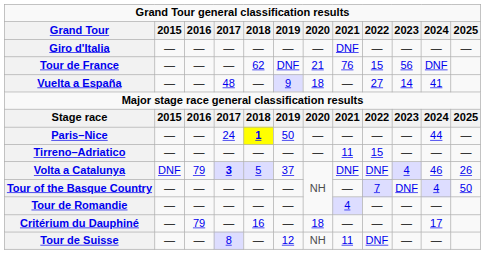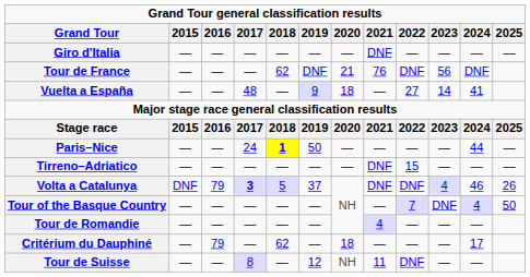 <table class="wikitable plainrowheaders">
 <tr>
 <td colspan=12 align="center"><strong>Grand Tour general classification results</strong></td>
 </tr>
 <tr>
 <th scope="col"><a href='#'>Grand Tour</a></th>
 <th scope="col">2015</th>
 <th scope="col">2016</th>
 <th scope="col">2017</th>
 <th scope="col">2018</th>
 <th scope="col">2019</th>
 <th scope="col">2020</th>
 <th scope="col">2021</th>
 <th scope="col">2022</th>
 <th scope="col">2023</th>
 <th scope="col">2024</th>
 <th scope="col">2025</th>
 </tr>
 <tr style="text-align:center;">
 <th scope="row"> <a href='#'>Giro d'Italia</a></th>
 <td>—</td>
 <td>—</td>
 <td>—</td>
 <td>—</td>
 <td>—</td>
 <td>—</td>
 <td><a href='#'>DNF</a></td>
 <td>—</td>
 <td>—</td>
 <td>—</td>
 <td>—</td>
 </tr>
 <tr style="text-align:center;">
 <th scope="row"> <a href='#'>Tour de France</a></th>
 <td>—</td>
 <td>—</td>
 <td>—</td>
 <td><a href='#'>62</a></td>
 <td><a href='#'>DNF</a></td>
 <td><a href='#'>21</a></td>
 <td><a href='#'>76</a></td>
-<td><a href='#'>15</a></td>
+<td><a href='#'>DNF</a></td>
 <td><a href='#'>56</a></td>
 <td><a href='#'>DNF</a></td>
 <td></td>
 </tr>
 <tr style="text-align:center;">
 <th scope="row"> <a href='#'>Vuelta a España</a></th>
 <td>—</td>
 <td>—</td>
 <td><a href='#'>48</a></td>
 <td>—</td>
 <td style="background:#ddf;"><a href='#'>9</a></td>
 <td><a href='#'>18</a></td>
 <td>—</td>
 <td><a href='#'>27</a></td>
 <td><a href='#'>14</a></td>
 <td><a href='#'>41</a></td>
 <td></td>
 </tr>
 <tr>
 <td colspan=12 align="center"><strong>Major stage race general classification results</strong></td>
 </tr>
 <tr>
 <th scope="col">Stage race</th>
 <th scope="col">2015</th>
 <th scope="col">2016</th>
 <th scope="col">2017</th>
 <th scope="col">2018</th>
 <th scope="col">2019</th>
 <th scope="col">2020</th>
 <th scope="col">2021</th>
 <th scope="col">2022</th>
 <th scope="col">2023</th>
 <th scope="col">2024</th>
 <th scope="col">2025</th>
 </tr>
 <tr style="text-align:center;">
 <th scope="row"> <a href='#'>Paris–Nice</a></th>
 <td>—</td>
 <td>—</td>
 <td><a href='#'>24</a></td>
 <td style="background:yellow;"><a href='#'><strong>1</strong></a></td>
 <td><a href='#'>50</a></td>
 <td>—</td>
 <td>—</td>
 <td>—</td>
 <td>—</td>
 <td><a href='#'>44</a></td>
 <td>—</td>
 </tr>
 <tr style="text-align:center;">
 <th scope="row"> <a href='#'>Tirreno–Adriatico</a></th>
 <td>—</td>
 <td>—</td>
 <td>—</td>
 <td>—</td>
 <td>—</td>
 <td>—</td>
-<td><a href='#'>11</a></td>
+<td><a href='#'>DNF</a></td>
 <td><a href='#'>15</a></td>
 <td>—</td>
 <td>—</td>
 <td>—</td>
 </tr>
 <tr style="text-align:center;">
 <th scope="row"> <a href='#'>Volta a Catalunya</a></th>
 <td><a href='#'>DNF</a></td>
 <td><a href='#'>79</a></td>
 <td style="background:#ddf;"><a href='#'><strong>3</strong></a></td>
 <td style="background:#ddf;"><a href='#'>5</a></td>
 <td><a href='#'>37</a></td>
 <td style="color:#4d4d4d;" rowspan=3>NH</td>
 <td><a href='#'>DNF</a></td>
 <td><a href='#'>DNF</a></td>
 <td style="background:#ddf;"><a href='#'>4</a></td>
 <td><a href='#'>46</a></td>
 <td><a href='#'>26</a></td>
 </tr>
 <tr style="text-align:center;">
 <th scope="row"> <a href='#'>Tour of the Basque Country</a></th>
 <td>—</td>
 <td>—</td>
 <td>—</td>
 <td>—</td>
 <td>—</td>
 <td>—</td>
 <td style="background:#ddf;"><a href='#'>7</a></td>
 <td><a href='#'>DNF</a></td>
 <td style="background:#ddf;"><a href='#'>4</a></td>
 <td><a href='#'>50</a></td>
 </tr>
 <tr style="text-align:center;">
 <th scope="row"> <a href='#'>Tour de Romandie</a></th>
 <td>—</td>
 <td>—</td>
 <td>—</td>
 <td>—</td>
 <td>—</td>
 <td style="background:#ddf;"><a href='#'>4</a></td>
 <td>—</td>
 <td>—</td>
 <td>—</td>
 <td></td>
 </tr>
 <tr style="text-align:center;">
 <th scope="row"> <a href='#'>Critérium du Dauphiné</a></th>
 <td>—</td>
 <td><a href='#'>79</a></td>
 <td>—</td>
-<td><a href='#'>16</a></td>
+<td><a href='#'>62</a></td>
 <td>—</td>
 <td><a href='#'>18</a></td>
 <td>—</td>
 <td>—</td>
 <td>—</td>
 <td><a href='#'>17</a></td>
 <td></td>
 </tr>
 <tr align="center">
 <th scope="row"> <a href='#'>Tour de Suisse</a></th>
 <td>—</td>
 <td>—</td>
 <td style="background:#ddf;"><a href='#'>8</a></td>
 <td>—</td>
 <td><a href='#'>12</a></td>
 <td style="color:#4d4d4d;">NH</td>
 <td><a href='#'>11</a></td>
 <td><a href='#'>DNF</a></td>
 <td>—</td>
 <td>—</td>
 <td></td>
 </tr>
 </table>
